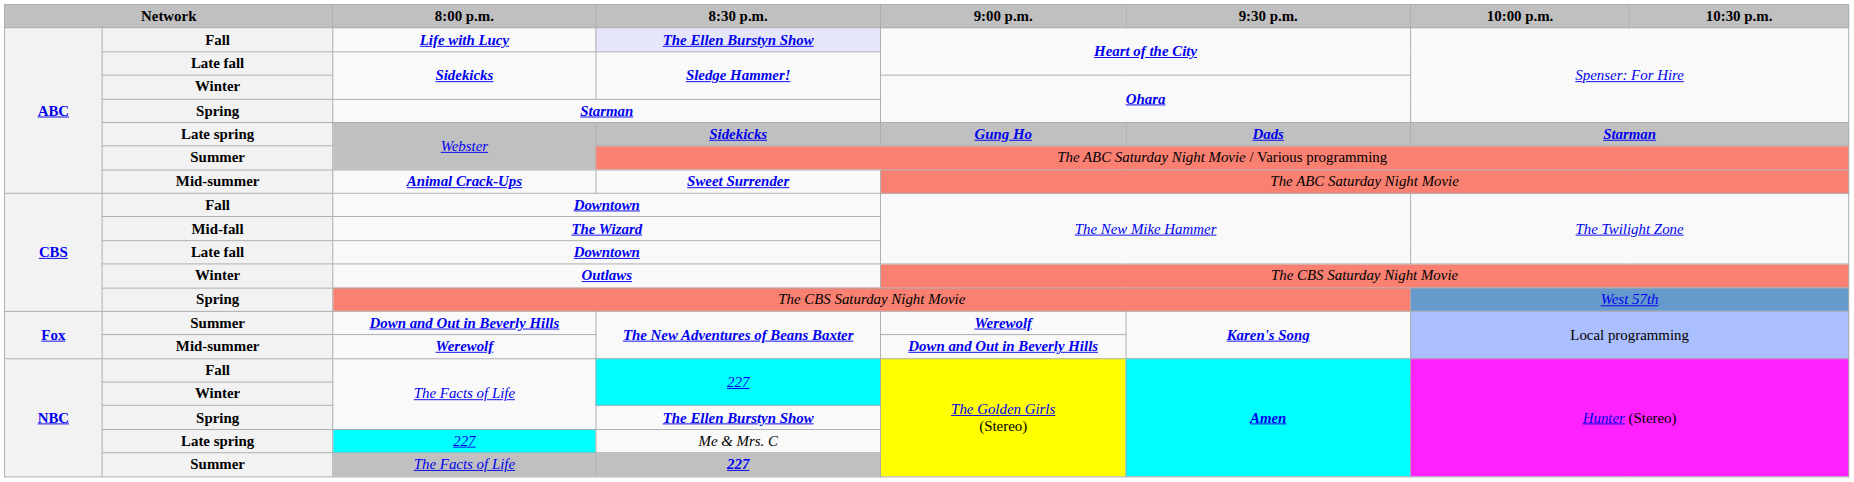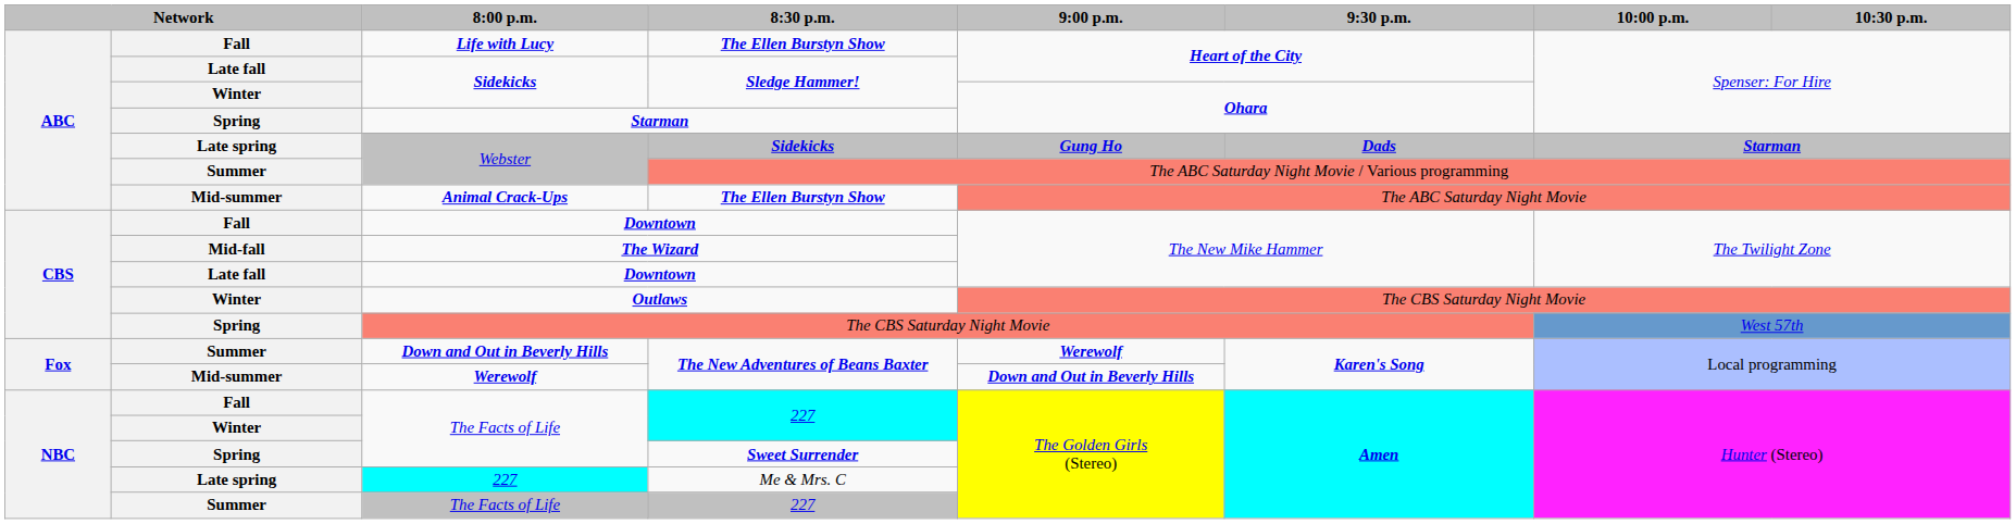 <table class="wikitable" style="width:100%;margin-right:0;text-align:center">
 <tr>
 <th colspan="2" style="background-color:#C0C0C0;text-align:center;width:15%">Network</th>
 <th style="background-color:#C0C0C0;text-align:center;width:12%">8:00 p.m.</th>
 <th style="background-color:#C0C0C0;text-align:center;width:13%">8:30 p.m.</th>
 <th style="background-color:#C0C0C0;text-align:center;width:11.2%">9:00 p.m.</th>
 <th style="background-color:#C0C0C0;text-align:center;width:13%">9:30 p.m.</th>
 <th style="background-color:#C0C0C0;text-align:center;width:10%">10:00 p.m.</th>
 <th style="background-color:#C0C0C0;text-align:center;width:10%">10:30 p.m.</th>
 </tr>
 <tr>
 <th rowspan="7"><a href='#'>ABC</a></th>
 <th>Fall</th>
 <td><strong><em><a href='#'>Life with Lucy</a></em></strong></td>
-<td style="background: lavender;"><strong><em><a href='#'>The Ellen Burstyn Show</a></em></strong></td>
+<td><strong><em><a href='#'>The Ellen Burstyn Show</a></em></strong></td>
 <td rowspan="2" colspan="2"><strong><em><a href='#'>Heart of the City</a></em></strong></td>
 <td rowspan="4" colspan="2"><em><a href='#'>Spenser: For Hire</a></em></td>
 </tr>
 <tr>
 <th>Late fall</th>
 <td rowspan="2"><strong><em><a href='#'>Sidekicks</a></em></strong></td>
 <td rowspan="2"><strong><em><a href='#'>Sledge Hammer!</a></em></strong></td>
 </tr>
 <tr>
 <th>Winter</th>
 <td rowspan="2" colspan="2"><strong><em><a href='#'>Ohara</a></em></strong></td>
 </tr>
 <tr>
 <th>Spring</th>
 <td colspan="2"><strong><em><a href='#'>Starman</a></em></strong></td>
 </tr>
 <tr>
 <th>Late spring</th>
 <td rowspan="2" style="background:#C0C0C0;"><em><a href='#'>Webster</a></em> </td>
 <td style="background:#C0C0C0;"><strong><em><a href='#'>Sidekicks</a></em></strong> </td>
 <td style="background:#C0C0C0;"><strong><em><a href='#'>Gung Ho</a></em></strong> </td>
 <td style="background:#C0C0C0;"><strong><em><a href='#'>Dads</a></em></strong> </td>
 <td colspan="2" style="background:#C0C0C0;"><strong><em><a href='#'>Starman</a></em></strong> </td>
 </tr>
 <tr>
 <th>Summer</th>
 <td style="background:#FA8072;" colspan="5"><em>The ABC Saturday Night Movie</em> / Various programming</td>
 </tr>
 <tr>
 <th>Mid-summer</th>
 <td><strong><em><a href='#'>Animal Crack-Ups</a></em></strong></td>
-<td><strong><em><a href='#'>Sweet Surrender</a></em></strong></td>
+<td><strong><em><a href='#'>The Ellen Burstyn Show</a></em></strong></td>
 <td style="background:#FA8072;" colspan="4"><em>The ABC Saturday Night Movie</em></td>
 </tr>
 <tr>
 <th rowspan="5"><a href='#'>CBS</a></th>
 <th>Fall</th>
 <td colspan="2"><strong><em><a href='#'>Downtown</a></em></strong></td>
 <td rowspan="3" colspan="2"><em><a href='#'>The New Mike Hammer</a></em></td>
 <td rowspan="3" colspan="2"><em><a href='#'>The Twilight Zone</a></em></td>
 </tr>
 <tr>
 <th>Mid-fall</th>
 <td colspan="2"><strong><em><a href='#'>The Wizard</a></em></strong></td>
 </tr>
 <tr>
 <th>Late fall</th>
 <td colspan="2"><strong><em><a href='#'>Downtown</a></em></strong></td>
 </tr>
 <tr>
 <th>Winter</th>
 <td colspan="2"><strong><em><a href='#'>Outlaws</a></em></strong></td>
 <td style="background:#FA8072;" colspan="4"><em>The CBS Saturday Night Movie</em></td>
 </tr>
 <tr>
 <th>Spring</th>
 <td style="background:#FA8072;" colspan="4"><em>The CBS Saturday Night Movie</em></td>
 <td colspan="2" style="background:#6699CC;"><em><a href='#'>West 57th</a></em></td>
 </tr>
 <tr>
 <th rowspan="2"><a href='#'>Fox</a></th>
 <th>Summer<br></th>
 <td><strong><em><a href='#'>Down and Out in Beverly Hills</a></em></strong></td>
 <td rowspan="2"><strong><em><a href='#'>The New Adventures of Beans Baxter</a></em></strong></td>
 <td><strong><em><a href='#'>Werewolf</a></em></strong></td>
 <td rowspan="2"><strong><em><a href='#'>Karen's Song</a></em></strong></td>
 <td style="background:#abbfff;" rowspan="2" colspan="2">Local programming</td>
 </tr>
 <tr>
 <th>Mid-summer</th>
 <td><strong><em><a href='#'>Werewolf</a></em></strong></td>
 <td><strong><em><a href='#'>Down and Out in Beverly Hills</a></em></strong></td>
 </tr>
 <tr>
 <th rowspan="5"><a href='#'>NBC</a></th>
 <th>Fall</th>
 <td rowspan="3"><em><a href='#'>The Facts of Life</a></em></td>
 <td rowspan="2" style="background:#00FFFF"><em><a href='#'>227</a></em> </td>
 <td style="background:#FFFF00" rowspan="5"><em><a href='#'>The Golden Girls</a></em><br>(Stereo) </td>
 <td style="background:#00FFFF" rowspan="5"><strong><em><a href='#'>Amen</a></em></strong> </td>
 <td style="background:#FF22FF" rowspan="5" colspan="2"><em><a href='#'>Hunter</a></em> (Stereo) </td>
 </tr>
 <tr>
 <th>Winter</th>
 </tr>
 <tr>
 <th>Spring</th>
-<td><strong><em><a href='#'>The Ellen Burstyn Show</a></em></strong></td>
+<td><strong><em><a href='#'>Sweet Surrender</a></em></strong></td>
 </tr>
 <tr>
 <th>Late spring</th>
 <td style="background:#00FFFF"><em><a href='#'>227</a></em> </td>
 <td><em>Me & Mrs. C</em></td>
 </tr>
 <tr>
 <th>Summer</th>
 <td style="background:#C0C0C0;"><em><a href='#'>The Facts of Life</a></em> </td>
-<td style="background:#C0C0C0;"><strong><em><a href='#'>227</a></em> </strong></td>
+<td style="background:#C0C0C0;"><em><a href='#'>227</a></em> </td>
 </tr>
 </table>
